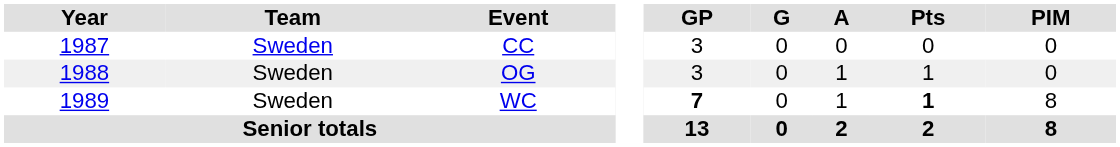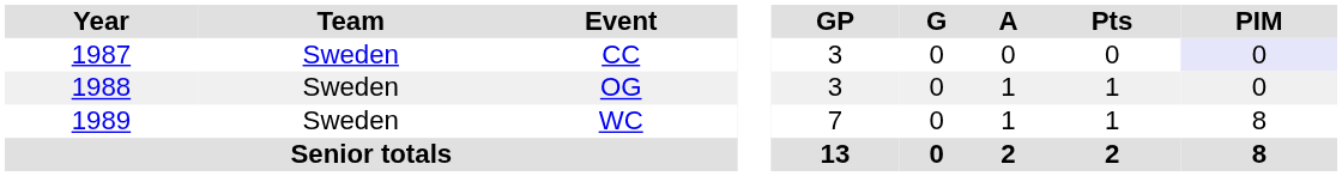 <table border="0" cellpadding="1" cellspacing="0" style="text-align:center; width:50em">
 <tr ALIGN="center" bgcolor="#e0e0e0">
 <th>Year</th>
 <th>Team</th>
 <th>Event</th>
 <th rowspan="99" bgcolor="#ffffff"> </th>
 <th>GP</th>
 <th>G</th>
 <th>A</th>
 <th>Pts</th>
 <th>PIM</th>
 </tr>
 <tr>
 <td><a href='#'>1987</a></td>
 <td><a href='#'>Sweden</a></td>
 <td><a href='#'>CC</a></td>
 <td>3</td>
 <td>0</td>
 <td>0</td>
 <td>0</td>
-<td>0</td>
+<td style="background: lavender;">0</td>
 </tr>
 <tr bgcolor="#f0f0f0">
 <td><a href='#'>1988</a></td>
 <td>Sweden</td>
 <td><a href='#'>OG</a></td>
 <td>3</td>
 <td>0</td>
 <td>1</td>
 <td>1</td>
 <td>0</td>
 </tr>
 <tr>
 <td><a href='#'>1989</a></td>
 <td>Sweden</td>
 <td><a href='#'>WC</a></td>
-<td><strong>7</strong></td>
+<td>7</td>
 <td>0</td>
 <td>1</td>
-<td><strong>1</strong></td>
+<td>1</td>
 <td>8</td>
 </tr>
 <tr bgcolor="#e0e0e0">
 <th colspan=3>Senior totals</th>
 <th>13</th>
 <th>0</th>
 <th>2</th>
 <th>2</th>
 <th>8</th>
 </tr>
 </table>
